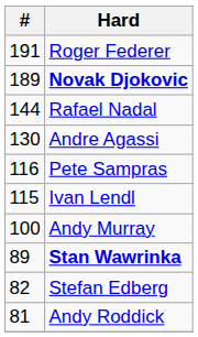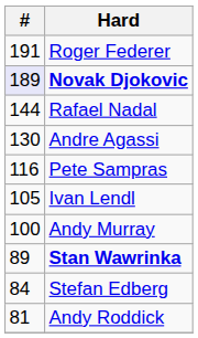 <table class="wikitable" style="display:inline-table;">
 <tr>
 <th>#</th>
 <th>Hard</th>
 </tr>
 <tr>
 <td>191</td>
 <td> <a href='#'>Roger Federer</a></td>
 </tr>
 <tr>
-<td>189</td>
+<td style="background: lavender;">189</td>
 <td> <strong><a href='#'>Novak Djokovic</a></strong></td>
 </tr>
 <tr>
 <td>144</td>
 <td> <a href='#'>Rafael Nadal</a></td>
 </tr>
 <tr>
 <td>130</td>
 <td> <a href='#'>Andre Agassi</a></td>
 </tr>
 <tr>
 <td>116</td>
 <td> <a href='#'>Pete Sampras</a></td>
 </tr>
 <tr>
-<td>115</td>
+<td>105</td>
 <td> <a href='#'>Ivan Lendl</a></td>
 </tr>
 <tr>
 <td>100</td>
 <td> <a href='#'>Andy Murray</a></td>
 </tr>
 <tr>
 <td>89</td>
 <td> <strong><a href='#'>Stan Wawrinka</a></strong></td>
 </tr>
 <tr>
-<td>82</td>
+<td>84</td>
 <td> <a href='#'>Stefan Edberg</a></td>
 </tr>
 <tr>
 <td>81</td>
 <td> <a href='#'>Andy Roddick</a></td>
 </tr>
 <tr>
 </tr>
 </table>
